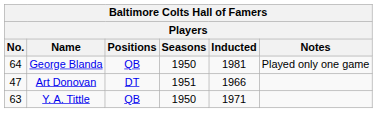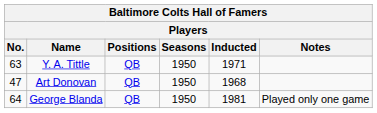 <table class="wikitable" style="text-align:center">
 <tr>
 <th colspan="6">Baltimore Colts Hall of Famers</th>
 </tr>
 <tr>
 <th colspan="6">Players</th>
 </tr>
 <tr>
 <th>No.</th>
 <th>Name</th>
 <th>Positions</th>
 <th>Seasons</th>
 <th>Inducted</th>
 <th>Notes</th>
 </tr>
 <tr>
+<td>63</td>
+<td><a href='#'>Y. A. Tittle</a></td>
+<td><a href='#'>QB</a></td>
+<td>1950</td>
+<td>1971</td>
+<td></td>
+</tr>
+<tr>
+<td>47</td>
+<td><a href='#'>Art Donovan</a></td>
+<td><a href='#'>QB</a></td>
+<td>1950</td>
+<td>1968</td>
+<td></td>
+</tr>
+<tr>
 <td>64</td>
 <td><a href='#'>George Blanda</a></td>
 <td><a href='#'>QB</a></td>
 <td>1950</td>
 <td>1981</td>
 <td>Played only one game</td>
 </tr>
-<tr>
-<td>47</td>
-<td><a href='#'>Art Donovan</a></td>
-<td><a href='#'>DT</a></td>
-<td>1951</td>
-<td>1966</td>
-<td></td>
-</tr>
-<tr>
-<td>63</td>
-<td><a href='#'>Y. A. Tittle</a></td>
-<td><a href='#'>QB</a></td>
-<td>1950</td>
-<td>1971</td>
-<td></td>
-</tr>
 </table>
